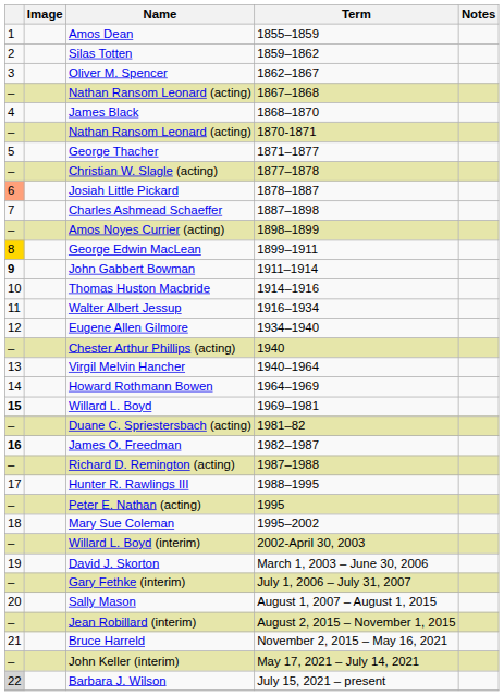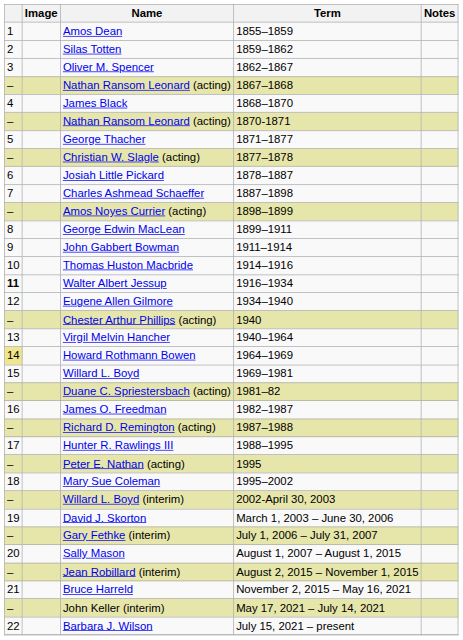 <table class="wikitable sortable">
 <tr>
 <th></th>
 <th>Image</th>
 <th>Name</th>
 <th>Term</th>
 <th>Notes</th>
 </tr>
 <tr>
 <td>1</td>
 <td></td>
 <td><a href='#'>Amos Dean</a></td>
 <td>1855–1859</td>
 <td></td>
 </tr>
 <tr>
 <td>2</td>
 <td></td>
 <td><a href='#'>Silas Totten</a></td>
 <td>1859–1862</td>
 <td></td>
 </tr>
 <tr>
 <td>3</td>
 <td></td>
 <td><a href='#'>Oliver M. Spencer</a></td>
 <td>1862–1867</td>
 <td></td>
 </tr>
 <tr bgcolor="#e6e6aa">
 <td>–</td>
 <td></td>
 <td><a href='#'>Nathan Ransom Leonard</a> (acting)</td>
 <td>1867–1868</td>
 <td></td>
 </tr>
 <tr>
 <td>4</td>
 <td></td>
 <td><a href='#'>James Black</a></td>
 <td>1868–1870</td>
 <td></td>
 </tr>
 <tr bgcolor="#e6e6aa">
 <td>–</td>
 <td></td>
 <td><a href='#'>Nathan Ransom Leonard</a> (acting)</td>
 <td>1870-1871</td>
 <td></td>
 </tr>
 <tr>
 <td>5</td>
 <td></td>
 <td><a href='#'>George Thacher</a></td>
 <td>1871–1877</td>
 <td></td>
 </tr>
 <tr bgcolor="#e6e6aa">
 <td>–</td>
 <td></td>
 <td><a href='#'>Christian W. Slagle</a> (acting)</td>
 <td>1877–1878</td>
 <td></td>
 </tr>
 <tr>
-<td style="background: lightsalmon;">6</td>
+<td>6</td>
 <td></td>
 <td><a href='#'>Josiah Little Pickard</a></td>
 <td>1878–1887</td>
 <td></td>
 </tr>
 <tr>
 <td>7</td>
 <td></td>
 <td><a href='#'>Charles Ashmead Schaeffer</a></td>
 <td>1887–1898</td>
 <td></td>
 </tr>
 <tr bgcolor="#e6e6aa">
 <td>–</td>
 <td></td>
 <td><a href='#'>Amos Noyes Currier</a> (acting)</td>
 <td>1898–1899</td>
 <td></td>
 </tr>
 <tr>
-<td style="background: gold;">8</td>
+<td>8</td>
 <td></td>
 <td><a href='#'>George Edwin MacLean</a></td>
 <td>1899–1911</td>
 <td></td>
 </tr>
 <tr>
-<td><strong>9</strong></td>
+<td>9</td>
 <td></td>
 <td><a href='#'>John Gabbert Bowman</a></td>
 <td>1911–1914</td>
 <td></td>
 </tr>
 <tr>
 <td>10</td>
 <td></td>
 <td><a href='#'>Thomas Huston Macbride</a></td>
 <td>1914–1916</td>
 <td></td>
 </tr>
 <tr>
-<td>11</td>
+<td><strong>11</strong></td>
 <td></td>
 <td><a href='#'>Walter Albert Jessup</a></td>
 <td>1916–1934</td>
 <td></td>
 </tr>
 <tr>
 <td>12</td>
 <td></td>
 <td><a href='#'>Eugene Allen Gilmore</a></td>
 <td>1934–1940</td>
 <td></td>
 </tr>
 <tr bgcolor="#e6e6aa">
 <td>–</td>
 <td></td>
 <td><a href='#'>Chester Arthur Phillips</a> (acting)</td>
 <td>1940</td>
 <td></td>
 </tr>
 <tr>
 <td>13</td>
 <td></td>
 <td><a href='#'>Virgil Melvin Hancher</a></td>
 <td>1940–1964</td>
 <td></td>
 </tr>
 <tr>
-<td>14</td>
+<td style="background: khaki;">14</td>
 <td></td>
 <td><a href='#'>Howard Rothmann Bowen</a></td>
 <td>1964–1969</td>
 <td></td>
 </tr>
 <tr>
-<td><strong>15</strong></td>
+<td>15</td>
 <td></td>
 <td><a href='#'>Willard L. Boyd</a></td>
 <td>1969–1981</td>
 <td></td>
 </tr>
 <tr bgcolor="#e6e6aa">
 <td>–</td>
 <td></td>
 <td><a href='#'>Duane C. Spriestersbach</a> (acting)</td>
 <td>1981–82</td>
 <td></td>
 </tr>
 <tr>
-<td><strong>16</strong></td>
+<td>16</td>
 <td></td>
 <td><a href='#'>James O. Freedman</a></td>
 <td>1982–1987</td>
 <td></td>
 </tr>
 <tr bgcolor="#e6e6aa">
 <td>–</td>
 <td></td>
 <td><a href='#'>Richard D. Remington</a> (acting)</td>
 <td>1987–1988</td>
 <td></td>
 </tr>
 <tr>
 <td>17</td>
 <td></td>
 <td><a href='#'>Hunter R. Rawlings III</a></td>
 <td>1988–1995</td>
 <td></td>
 </tr>
 <tr bgcolor="#e6e6aa">
 <td>–</td>
 <td></td>
 <td><a href='#'>Peter E. Nathan</a> (acting)</td>
 <td>1995</td>
 <td></td>
 </tr>
 <tr>
 <td>18</td>
 <td></td>
 <td><a href='#'>Mary Sue Coleman</a></td>
 <td>1995–2002</td>
 <td></td>
 </tr>
 <tr bgcolor="#e6e6aa">
 <td>–</td>
 <td></td>
 <td><a href='#'>Willard L. Boyd</a> (interim)</td>
 <td>2002-April 30, 2003</td>
 <td></td>
 </tr>
 <tr>
 <td>19</td>
 <td></td>
 <td><a href='#'>David J. Skorton</a></td>
 <td>March 1, 2003 – June 30, 2006</td>
 <td></td>
 </tr>
 <tr bgcolor="#e6e6aa">
 <td>–</td>
 <td></td>
 <td><a href='#'>Gary Fethke</a> (interim)</td>
 <td>July 1, 2006 – July 31, 2007</td>
 <td></td>
 </tr>
 <tr>
 <td>20</td>
 <td></td>
 <td><a href='#'>Sally Mason</a></td>
 <td>August 1, 2007 – August 1, 2015</td>
 <td></td>
 </tr>
 <tr bgcolor="#e6e6aa">
 <td>–</td>
 <td></td>
 <td><a href='#'>Jean Robillard</a> (interim)</td>
 <td>August 2, 2015 – November 1, 2015</td>
 <td></td>
 </tr>
 <tr>
 <td>21</td>
 <td></td>
 <td><a href='#'>Bruce Harreld</a></td>
 <td>November 2, 2015 – May 16, 2021</td>
 <td></td>
 </tr>
 <tr bgcolor="#e6e6aa">
 <td>–</td>
 <td></td>
 <td>John Keller (interim)</td>
 <td>May 17, 2021 – July 14, 2021</td>
 <td></td>
 </tr>
 <tr>
-<td style="background: lightgrey;">22</td>
+<td>22</td>
 <td></td>
 <td><a href='#'>Barbara J. Wilson</a></td>
 <td>July 15, 2021 – present</td>
 <td></td>
 </tr>
 <tr>
 </tr>
 </table>
